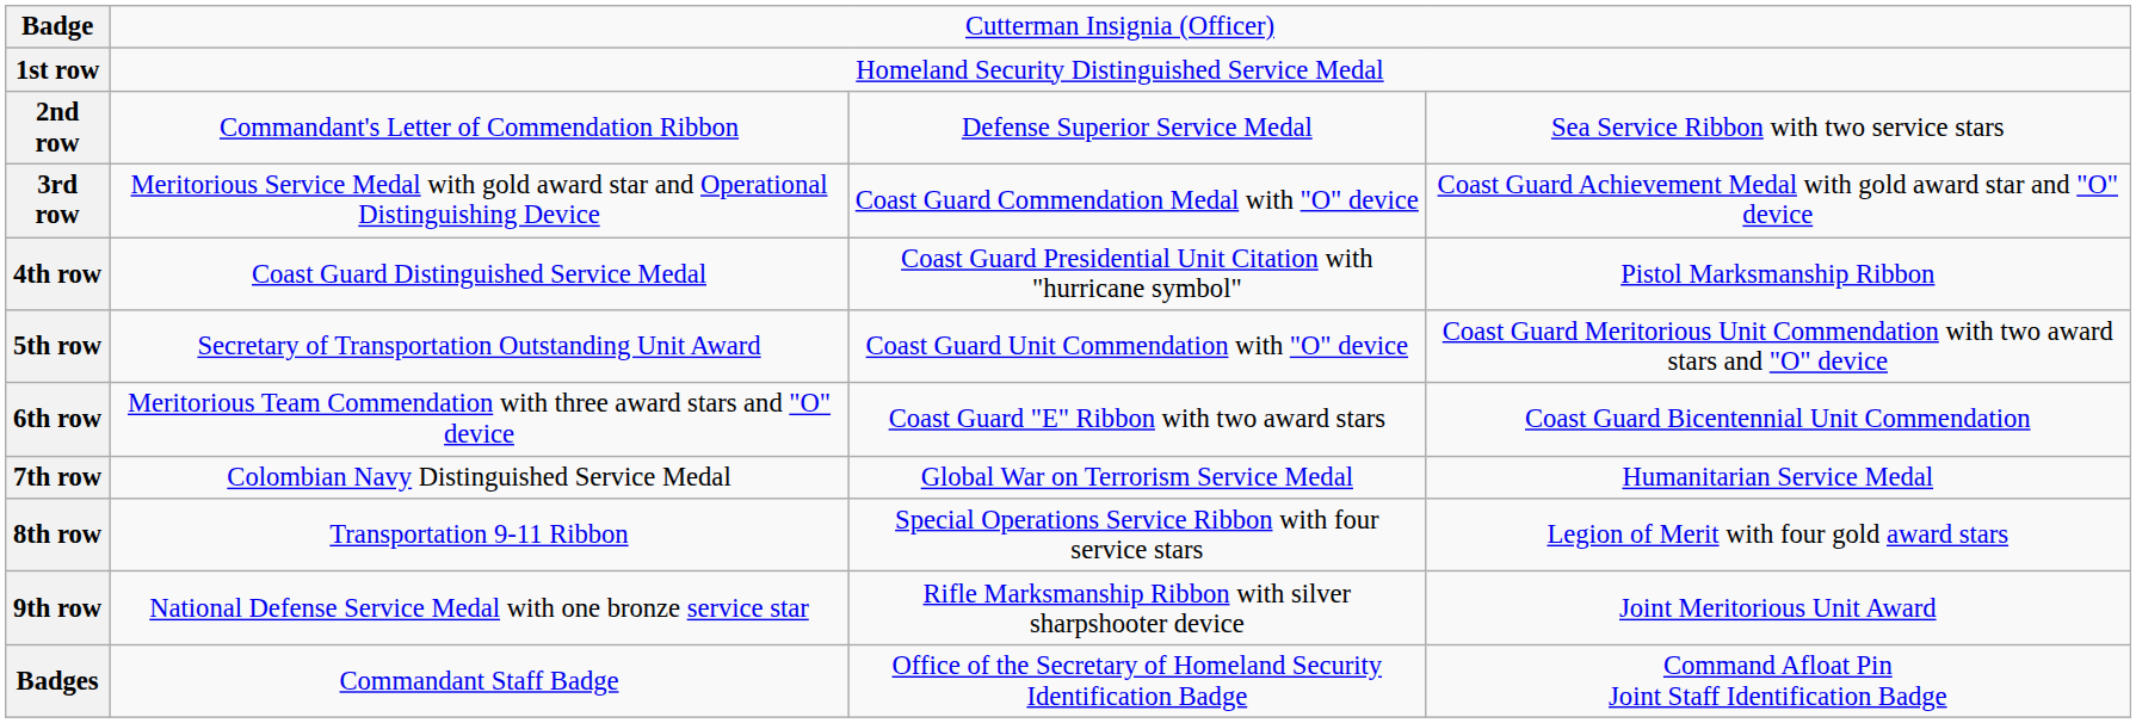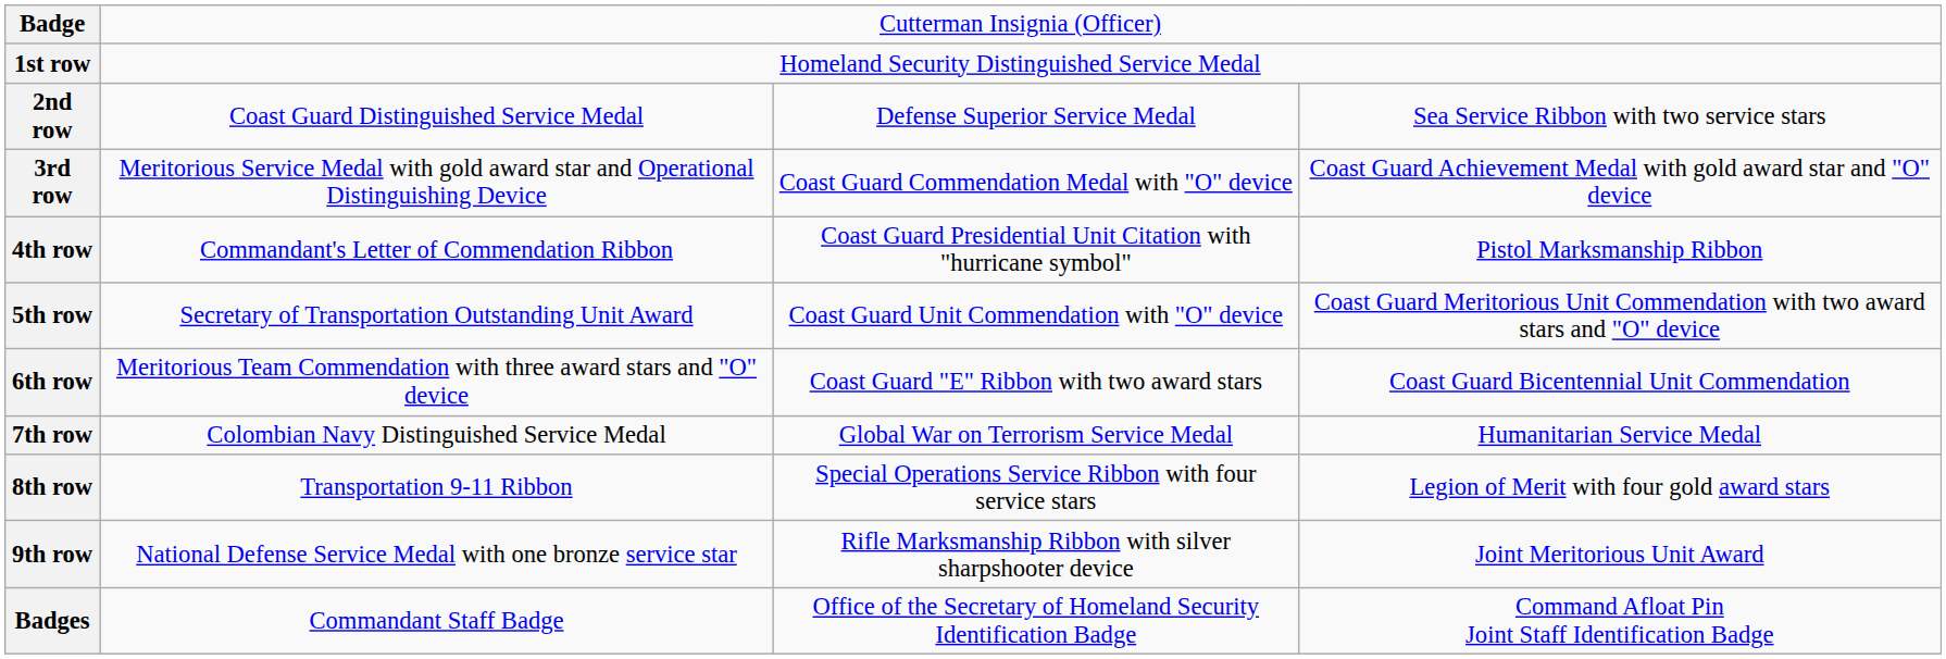 <table class="wikitable" style="margin:1em auto; text-align:center;">
 <tr>
 <th>Badge</th>
 <td align=center colspan="3"><a href='#'>Cutterman Insignia (Officer)</a></td>
 </tr>
 <tr>
 <th>1st row</th>
 <td align=center colspan="3"><a href='#'>Homeland Security Distinguished Service Medal</a></td>
 </tr>
 <tr>
 <th>2nd row</th>
-<td><a href='#'>Commandant's Letter of Commendation Ribbon</a></td>
+<td><a href='#'>Coast Guard Distinguished Service Medal</a></td>
 <td><a href='#'>Defense Superior Service Medal</a></td>
 <td><a href='#'>Sea Service Ribbon</a> with two service stars</td>
 </tr>
 <tr>
 <th>3rd row</th>
 <td><a href='#'>Meritorious Service Medal</a> with gold award star and <a href='#'>Operational Distinguishing Device</a></td>
 <td><a href='#'>Coast Guard Commendation Medal</a> with <a href='#'>"O" device</a></td>
 <td><a href='#'>Coast Guard Achievement Medal</a> with gold award star and <a href='#'>"O" device</a></td>
 </tr>
 <tr>
 <th>4th row</th>
-<td><a href='#'>Coast Guard Distinguished Service Medal</a></td>
+<td><a href='#'>Commandant's Letter of Commendation Ribbon</a></td>
 <td><a href='#'>Coast Guard Presidential Unit Citation</a> with "hurricane symbol"</td>
 <td><a href='#'>Pistol Marksmanship Ribbon</a></td>
 </tr>
 <tr>
 <th>5th row</th>
 <td><a href='#'>Secretary of Transportation Outstanding Unit Award</a></td>
 <td><a href='#'>Coast Guard Unit Commendation</a> with <a href='#'>"O" device</a></td>
 <td><a href='#'>Coast Guard Meritorious Unit Commendation</a> with two award stars and <a href='#'>"O" device</a></td>
 </tr>
 <tr>
 <th>6th row</th>
 <td><a href='#'>Meritorious Team Commendation</a> with three award stars and <a href='#'>"O" device</a></td>
 <td><a href='#'>Coast Guard "E" Ribbon</a> with two award stars</td>
 <td><a href='#'>Coast Guard Bicentennial Unit Commendation</a></td>
 </tr>
 <tr>
 <th>7th row</th>
 <td><a href='#'>Colombian Navy</a> Distinguished Service Medal</td>
 <td><a href='#'>Global War on Terrorism Service Medal</a></td>
 <td><a href='#'>Humanitarian Service Medal</a></td>
 </tr>
 <tr>
 <th>8th row</th>
 <td><a href='#'>Transportation 9-11 Ribbon</a></td>
 <td><a href='#'>Special Operations Service Ribbon</a> with four service stars</td>
 <td><a href='#'>Legion of Merit</a> with four gold <a href='#'>award stars</a></td>
 </tr>
 <tr>
 <th>9th row</th>
 <td><a href='#'>National Defense Service Medal</a> with one bronze <a href='#'>service star</a></td>
 <td><a href='#'>Rifle Marksmanship Ribbon</a> with silver sharpshooter device</td>
 <td><a href='#'>Joint Meritorious Unit Award</a></td>
 </tr>
 <tr>
 <th>Badges</th>
 <td><a href='#'>Commandant Staff Badge</a></td>
 <td><a href='#'>Office of the Secretary of Homeland Security Identification Badge</a></td>
 <td><a href='#'>Command Afloat Pin</a><br><a href='#'>Joint Staff Identification Badge</a></td>
 </tr>
 </table>
